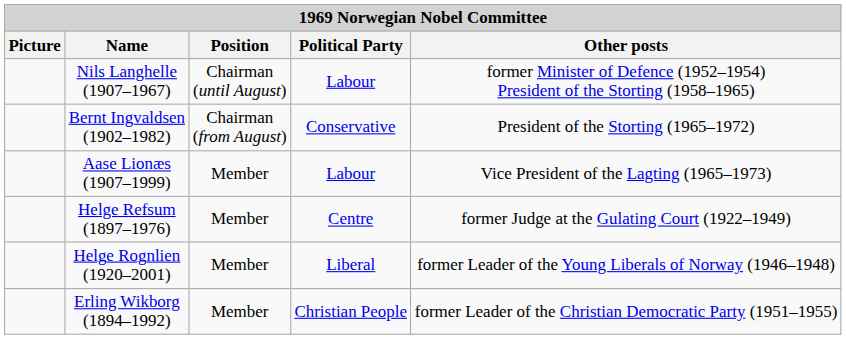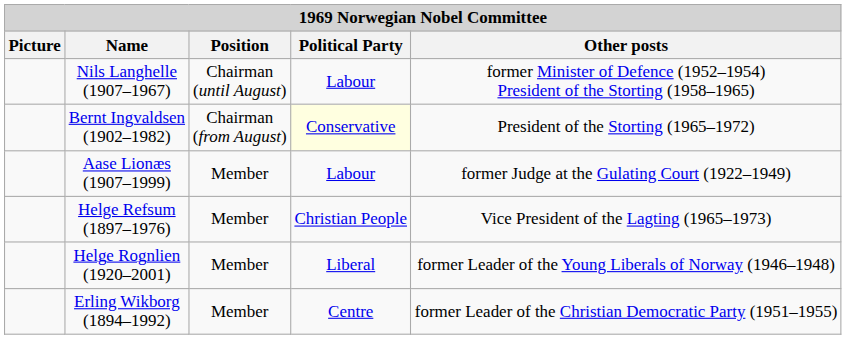 <table class="wikitable sortable">
 <tr>
 <td style="background:lightgrey;white-space:nowrap" colspan="6" align="center"><strong>1969 Norwegian Nobel Committee</strong></td>
 </tr>
 <tr>
 <th>Picture</th>
 <th>Name</th>
 <th>Position</th>
 <th>Political Party</th>
 <th>Other posts</th>
 </tr>
 <tr>
 <td></td>
 <td align="center"><a href='#'>Nils Langhelle</a> <br>(1907–1967)</td>
 <td align="center">Chairman<br>(<em>until August</em>)</td>
 <td align="center"><a href='#'>Labour</a></td>
 <td align="center">former <a href='#'>Minister of Defence</a> (1952–1954)<br><a href='#'>President of the Storting</a> (1958–1965)</td>
 </tr>
 <tr>
 <td></td>
 <td align="center"><a href='#'>Bernt Ingvaldsen</a> <br>(1902–1982)</td>
 <td align="center">Chairman<br>(<em>from August</em>)</td>
-<td align="center"><a href='#'>Conservative</a></td>
+<td align="center" style="background: lightyellow;"><a href='#'>Conservative</a></td>
 <td align="center">President of the <a href='#'>Storting</a> (1965–1972)</td>
 </tr>
 <tr>
 <td></td>
 <td align="center"><a href='#'>Aase Lionæs</a> <br>(1907–1999)</td>
 <td align="center">Member</td>
 <td align="center"><a href='#'>Labour</a></td>
-<td align="center">Vice President of the <a href='#'>Lagting</a> (1965–1973)</td>
+<td align="center">former Judge at the <a href='#'>Gulating Court</a> (1922–1949)</td>
 </tr>
 <tr>
 <td></td>
 <td align="center"><a href='#'>Helge Refsum</a> <br>(1897–1976)</td>
 <td align="center">Member</td>
-<td align="center"><a href='#'>Centre</a></td>
-<td align="center">former Judge at the <a href='#'>Gulating Court</a> (1922–1949)</td>
+<td align="center"><a href='#'>Christian People</a></td>
+<td align="center">Vice President of the <a href='#'>Lagting</a> (1965–1973)</td>
 </tr>
 <tr>
 <td></td>
 <td align="center"><a href='#'>Helge Rognlien</a> <br>(1920–2001)</td>
 <td align="center">Member</td>
 <td align="center"><a href='#'>Liberal</a></td>
 <td align="center">former Leader of the <a href='#'>Young Liberals of Norway</a> (1946–1948)</td>
 </tr>
 <tr>
 <td></td>
 <td align="center"><a href='#'>Erling Wikborg</a> <br>(1894–1992)</td>
 <td align="center">Member</td>
-<td align="center"><a href='#'>Christian People</a></td>
+<td align="center"><a href='#'>Centre</a></td>
 <td align="center">former Leader of the <a href='#'>Christian Democratic Party</a> (1951–1955)</td>
 </tr>
 </table>
